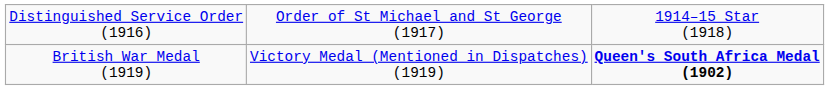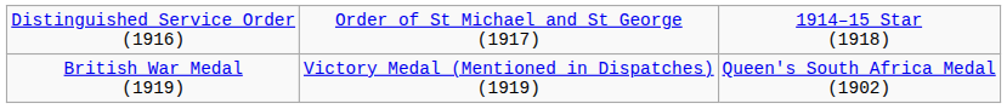 <table class="wikitable sortable" style="margin:1em auto; text-align:center;">
 <tr>
 <td><a href='#'>Distinguished Service Order</a> <br>(1916)</td>
 <td><a href='#'>Order of St Michael and St George</a> <br>(1917)</td>
 <td><a href='#'>1914–15 Star</a> <br>(1918)</td>
 </tr>
 <tr>
 <td><a href='#'>British War Medal</a> <br>(1919)</td>
 <td><a href='#'>Victory Medal (Mentioned in Dispatches)</a> <br>(1919)</td>
-<td><strong><a href='#'>Queen's South Africa Medal</a> <br>(1902)</strong></td>
+<td><a href='#'>Queen's South Africa Medal</a> <br>(1902)</td>
 </tr>
 </table>
